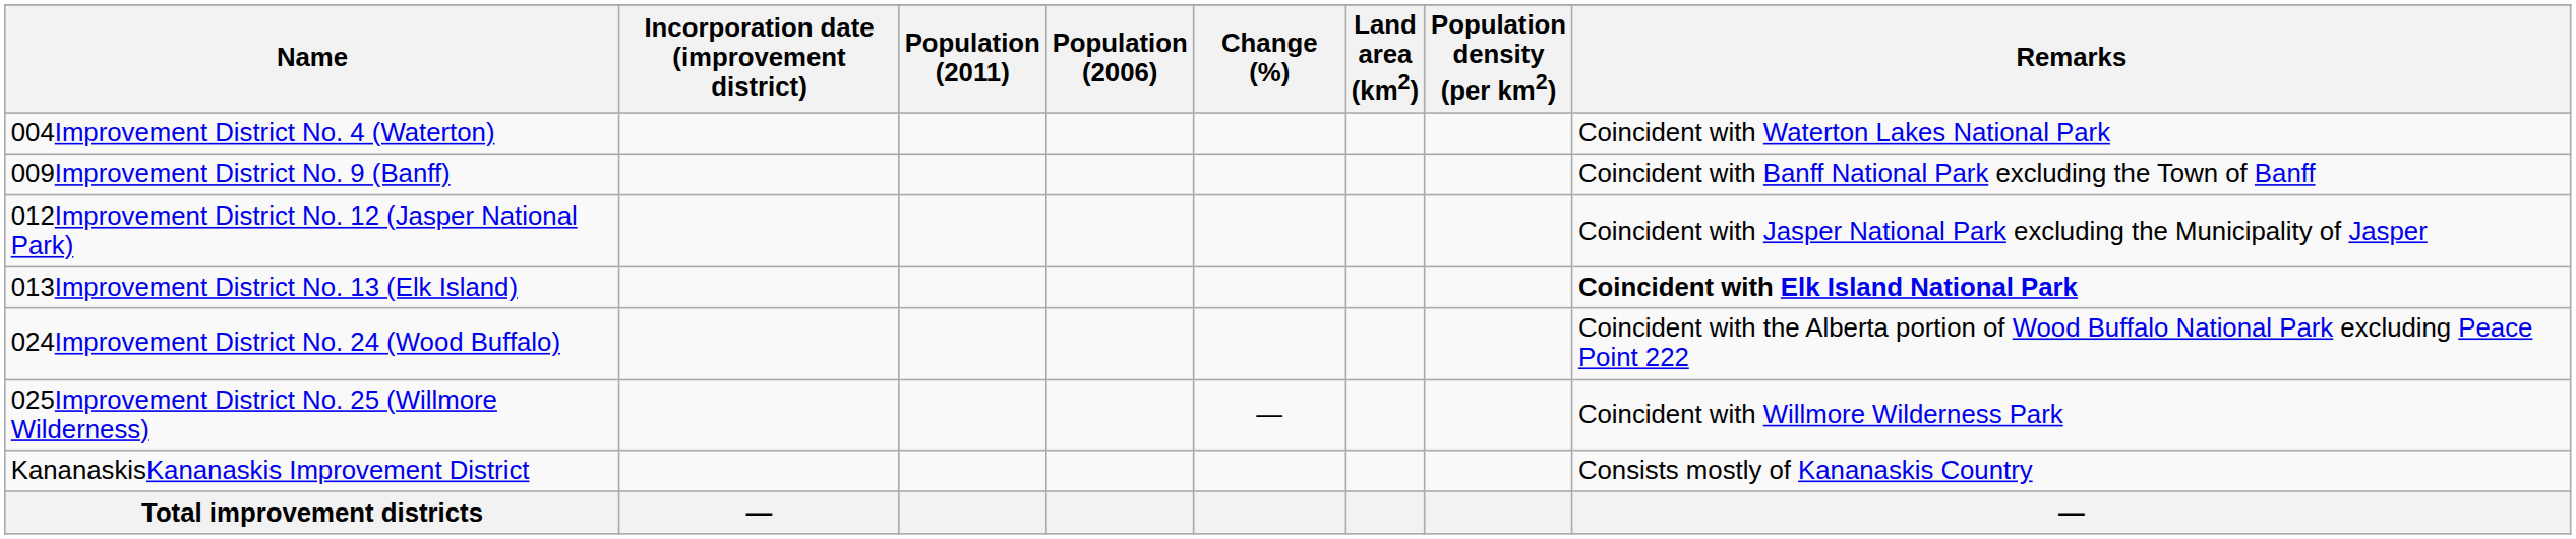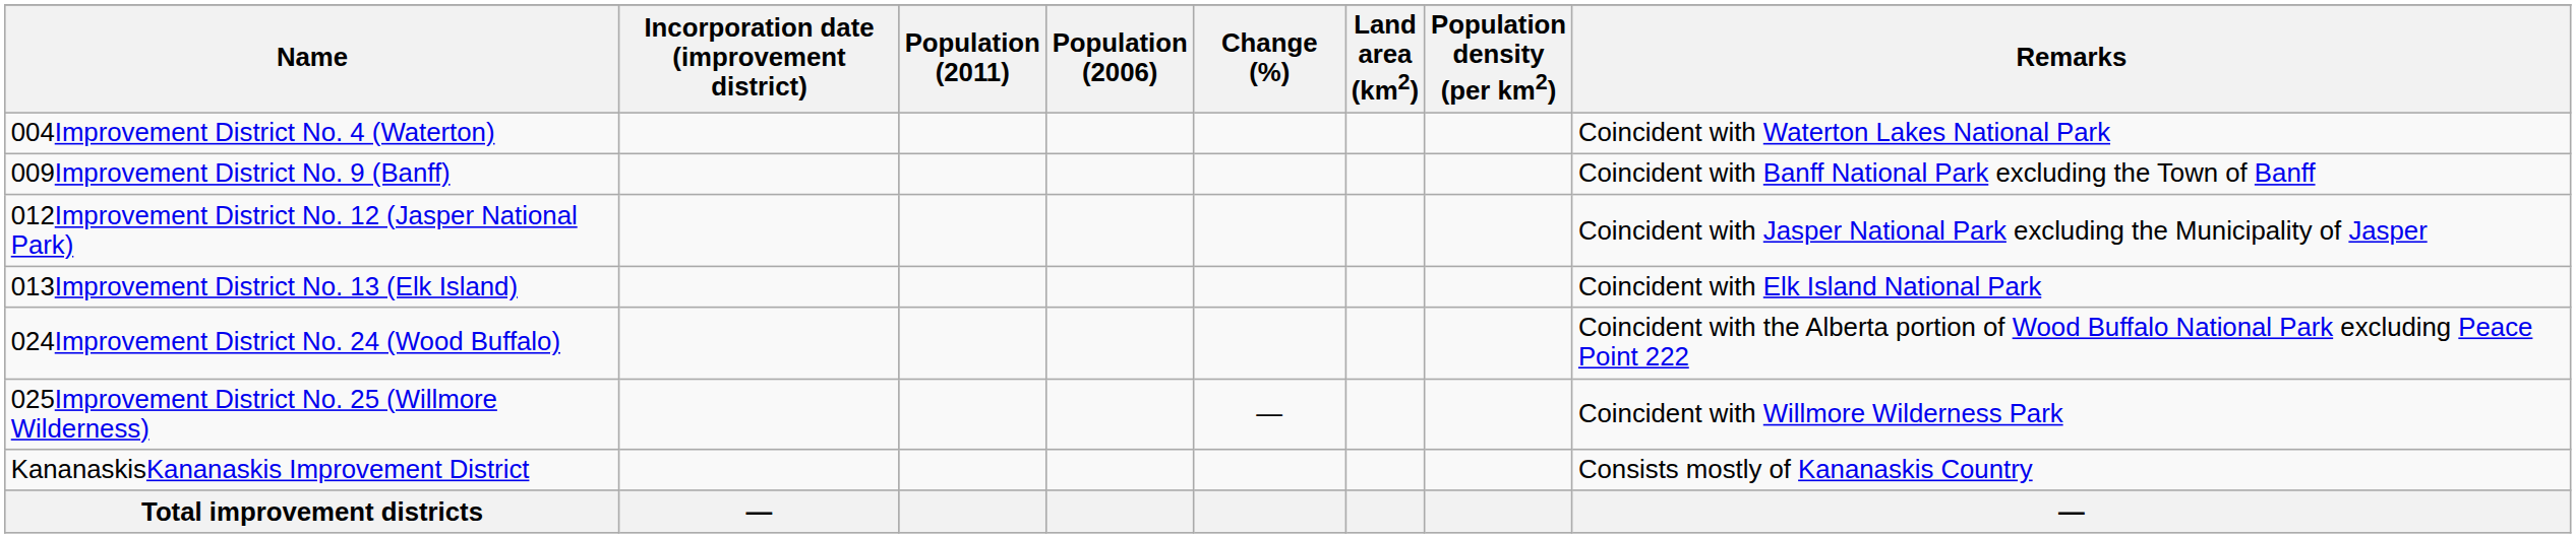 <table class="wikitable sortable">
 <tr class="sorttop" style="text-align:center;">
 </tr>
 <tr>
 <th>Name</th>
 <th>Incorporation date<br>(improvement district)</th>
 <th>Population<br>(2011)</th>
 <th>Population<br>(2006)</th>
 <th>Change (%)</th>
 <th>Land<br>area<br>(km<sup>2</sup>)</th>
 <th>Population<br>density<br>(per km<sup>2</sup>)</th>
 <th class="unsortable">Remarks</th>
 </tr>
 <tr>
 <td><span>004</span><a href='#'>Improvement District No. 4 (Waterton)</a></td>
 <td align=center></td>
 <td align=center></td>
 <td align=center></td>
 <td align=center></td>
 <td align=center></td>
 <td align=center></td>
 <td>Coincident with <a href='#'>Waterton Lakes National Park</a></td>
 </tr>
 <tr>
 <td><span>009</span><a href='#'>Improvement District No. 9 (Banff)</a></td>
 <td align=center></td>
 <td align=center></td>
 <td align=center></td>
 <td align=center></td>
 <td align=center></td>
 <td align=center></td>
 <td>Coincident with <a href='#'>Banff National Park</a> excluding the Town of <a href='#'>Banff</a></td>
 </tr>
 <tr>
 <td><span>012</span><a href='#'>Improvement District No. 12 (Jasper National Park)</a></td>
 <td align=center></td>
 <td align=center></td>
 <td align=center></td>
 <td align=center></td>
 <td align=center></td>
 <td align=center></td>
 <td>Coincident with <a href='#'>Jasper National Park</a> excluding the Municipality of <a href='#'>Jasper</a></td>
 </tr>
 <tr>
 <td><span>013</span><a href='#'>Improvement District No. 13 (Elk Island)</a></td>
 <td align=center></td>
 <td align=center></td>
 <td align=center></td>
 <td align=center></td>
 <td align=center></td>
 <td align=center></td>
-<td><strong>Coincident with <a href='#'>Elk Island National Park</a></strong></td>
+<td>Coincident with <a href='#'>Elk Island National Park</a></td>
 </tr>
 <tr>
 <td><span>024</span><a href='#'>Improvement District No. 24 (Wood Buffalo)</a></td>
 <td align=center></td>
 <td align=center></td>
 <td align=center></td>
 <td align=center></td>
 <td align=center></td>
 <td align=center></td>
 <td>Coincident with the Alberta portion of <a href='#'>Wood Buffalo National Park</a> excluding <a href='#'>Peace Point 222</a></td>
 </tr>
 <tr>
 <td><span>025</span><a href='#'>Improvement District No. 25 (Willmore Wilderness)</a></td>
 <td align=center></td>
 <td align=center></td>
 <td align=center></td>
 <td align=center>—</td>
 <td align=center></td>
 <td align=center></td>
 <td>Coincident with <a href='#'>Willmore Wilderness Park</a></td>
 </tr>
 <tr>
 <td><span>Kananaskis</span><a href='#'>Kananaskis Improvement District</a></td>
 <td align=center></td>
 <td align=center></td>
 <td align=center></td>
 <td align=center></td>
 <td align=center></td>
 <td align=center></td>
 <td>Consists mostly of <a href='#'>Kananaskis Country</a></td>
 </tr>
 <tr class="sortbottom" style="text-align:center;">
 <th style="text-align:center;">Total improvement districts</th>
 <th style="text-align:center;">—</th>
 <th style="text-align:center;"></th>
 <th style="text-align:center;"></th>
 <th style="text-align:center;"></th>
 <th style="text-align:center;"></th>
 <th style="text-align:center;"></th>
 <th style="text-align:center;">—</th>
 </tr>
 </table>
